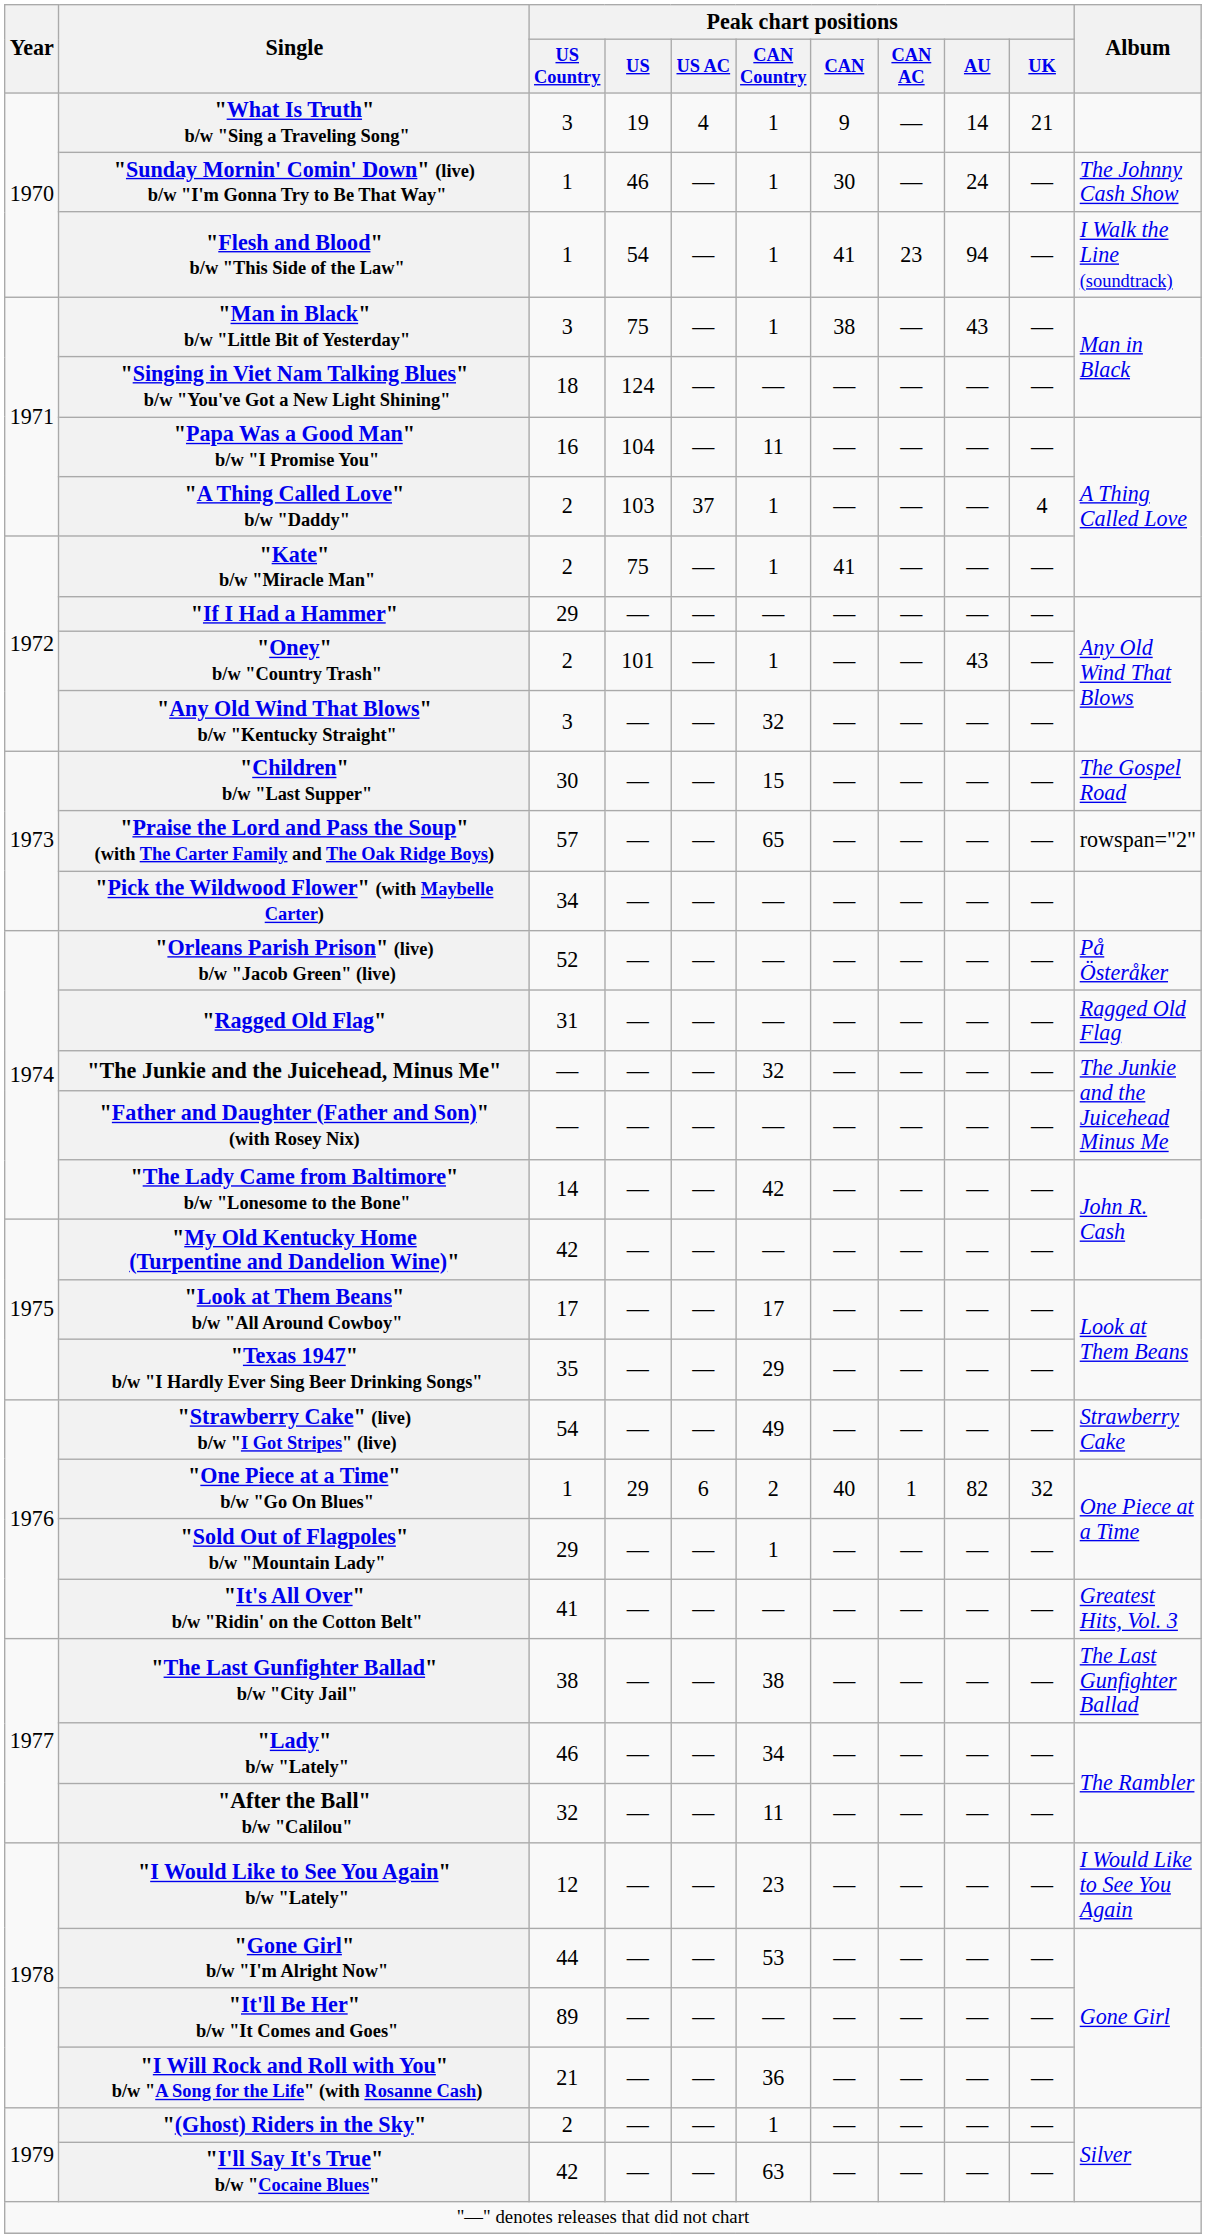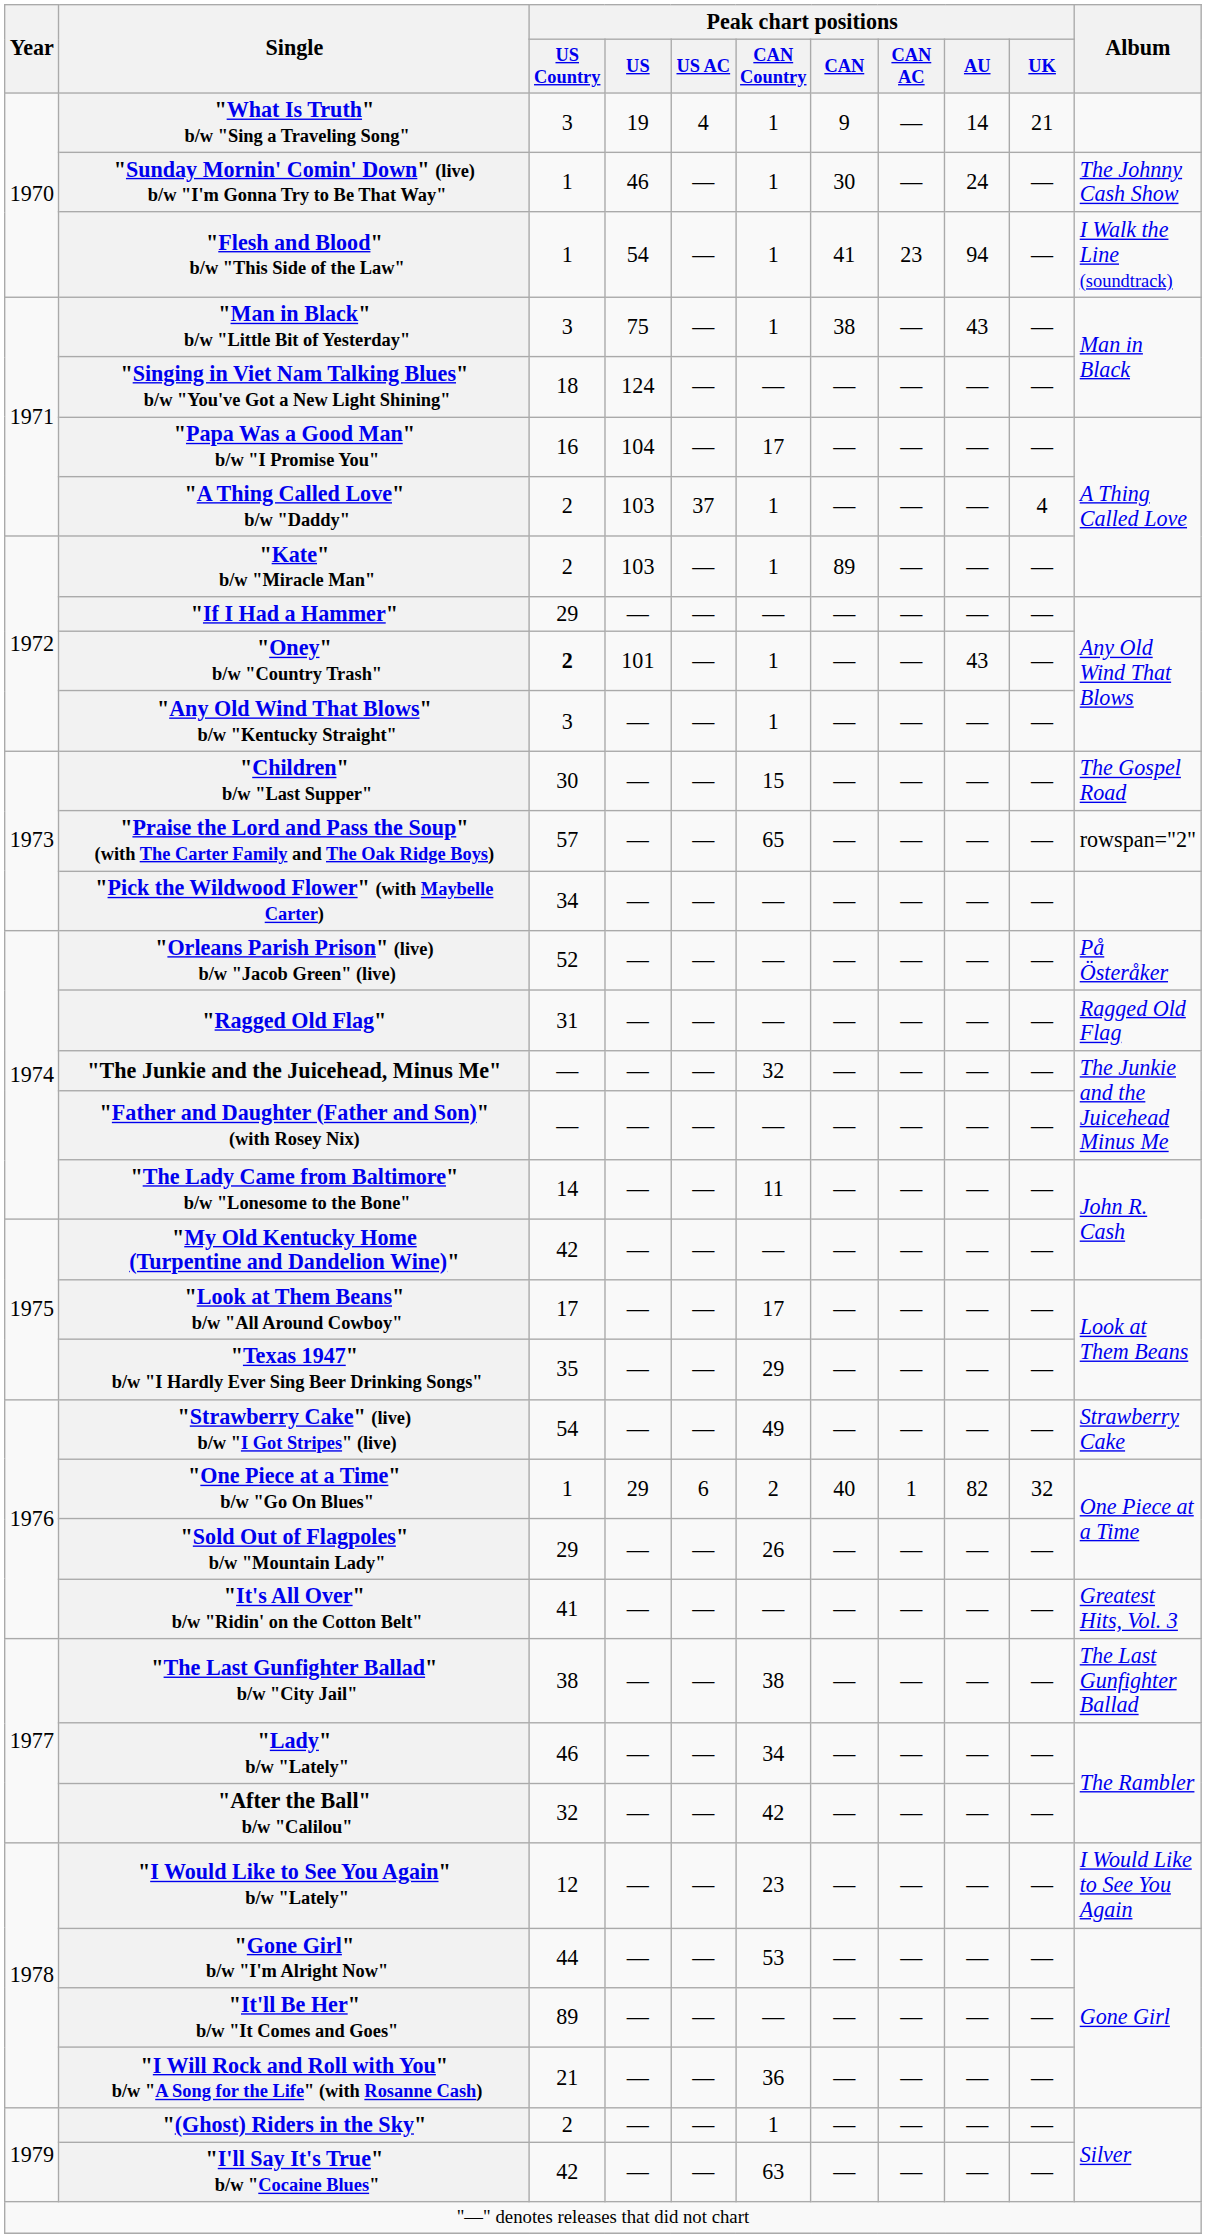 <table class="wikitable plainrowheaders" style="text-align:center;">
 <tr>
 <th rowspan="2">Year</th>
 <th rowspan="2" style="width:24em;">Single</th>
 <th colspan="8">Peak chart positions</th>
 <th rowspan="2">Album</th>
 </tr>
 <tr style="font-size:smaller;">
 <th width="45"><a href='#'>US Country</a><br></th>
 <th width="45"><a href='#'>US</a><br></th>
 <th width="45"><a href='#'>US AC</a></th>
 <th width="45"><a href='#'>CAN Country</a></th>
 <th width="45"><a href='#'>CAN</a></th>
 <th width="45"><a href='#'>CAN AC</a></th>
 <th width="45"><a href='#'>AU</a></th>
 <th width="45"><a href='#'>UK</a></th>
 </tr>
 <tr>
 <td rowspan="3">1970</td>
 <th scope="row">"<a href='#'>What Is Truth</a>"<br> <small>b/w "Sing a Traveling Song"</small></th>
 <td>3</td>
 <td>19</td>
 <td>4</td>
 <td>1</td>
 <td>9</td>
 <td>—</td>
 <td>14</td>
 <td>21</td>
 <td></td>
 </tr>
 <tr>
 <th scope="row">"<a href='#'>Sunday Mornin' Comin' Down</a>" <small>(live)</small><br> <small>b/w "I'm Gonna Try to Be That Way"</small></th>
 <td>1</td>
 <td>46</td>
 <td>—</td>
 <td>1</td>
 <td>30</td>
 <td>—</td>
 <td>24</td>
 <td>—</td>
 <td align="left"><em><a href='#'>The Johnny Cash Show</a></em></td>
 </tr>
 <tr>
 <th scope="row">"<a href='#'>Flesh and Blood</a>"<br> <small>b/w "This Side of the Law"</small></th>
 <td>1</td>
 <td>54</td>
 <td>—</td>
 <td>1</td>
 <td>41</td>
 <td>23</td>
 <td>94</td>
 <td>—</td>
 <td align="left"><a href='#'><em>I Walk the Line</em> <small>(soundtrack)</small></a></td>
 </tr>
 <tr>
 <td rowspan="4">1971</td>
 <th scope="row">"<a href='#'>Man in Black</a>"<br> <small>b/w "Little Bit of Yesterday"</small></th>
 <td>3</td>
 <td>75</td>
 <td>—</td>
 <td>1</td>
 <td>38</td>
 <td>—</td>
 <td>43</td>
 <td>—</td>
 <td align="left" rowspan="2"><em><a href='#'>Man in Black</a></em></td>
 </tr>
 <tr>
 <th scope="row">"<a href='#'>Singing in Viet Nam Talking Blues</a>"<br> <small>b/w "You've Got a New Light Shining"</small></th>
 <td>18</td>
 <td>124</td>
 <td>—</td>
 <td>—</td>
 <td>—</td>
 <td>—</td>
 <td>—</td>
 <td>—</td>
 </tr>
 <tr>
 <th scope="row">"<a href='#'>Papa Was a Good Man</a>"<br> <small>b/w "I Promise You"</small></th>
 <td>16</td>
 <td>104</td>
 <td>—</td>
-<td>11</td>
+<td>17</td>
 <td>—</td>
 <td>—</td>
 <td>—</td>
 <td>—</td>
 <td align="left" rowspan="3"><em><a href='#'>A Thing Called Love</a></em></td>
 </tr>
 <tr>
 <th scope="row">"<a href='#'>A Thing Called Love</a>"<br> <small>b/w "Daddy"</small></th>
 <td>2</td>
 <td>103</td>
 <td>37</td>
 <td>1</td>
 <td>—</td>
 <td>—</td>
 <td>—</td>
 <td>4</td>
 </tr>
 <tr>
 <td rowspan="4">1972</td>
 <th scope="row">"<a href='#'>Kate</a>"<br> <small>b/w "Miracle Man"</small></th>
 <td>2</td>
-<td>75</td>
+<td>103</td>
 <td>—</td>
 <td>1</td>
-<td>41</td>
+<td>89</td>
 <td>—</td>
 <td>—</td>
 <td>—</td>
 </tr>
 <tr>
 <th scope="row">"<a href='#'>If I Had a Hammer</a>"</th>
 <td>29</td>
 <td>—</td>
 <td>—</td>
 <td>—</td>
 <td>—</td>
 <td>—</td>
 <td>—</td>
 <td>—</td>
 <td align="left" rowspan="3"><em><a href='#'>Any Old Wind That Blows</a></em></td>
 </tr>
 <tr>
 <th scope="row">"<a href='#'>Oney</a>"<br> <small>b/w "Country Trash"</small></th>
-<td>2</td>
+<td><strong>2</strong></td>
 <td>101</td>
 <td>—</td>
 <td>1</td>
 <td>—</td>
 <td>—</td>
 <td>43</td>
 <td>—</td>
 </tr>
 <tr>
 <th scope="row">"<a href='#'>Any Old Wind That Blows</a>"<br> <small>b/w "Kentucky Straight"</small></th>
 <td>3</td>
 <td>—</td>
 <td>—</td>
-<td>32</td>
+<td>1</td>
 <td>—</td>
 <td>—</td>
 <td>—</td>
 <td>—</td>
 </tr>
 <tr>
 <td rowspan="3">1973</td>
 <th scope="row">"<a href='#'>Children</a>"<br> <small>b/w "Last Supper"</small></th>
 <td>30</td>
 <td>—</td>
 <td>—</td>
 <td>15</td>
 <td>—</td>
 <td>—</td>
 <td>—</td>
 <td>—</td>
 <td align="left"><em><a href='#'>The Gospel Road</a></em></td>
 </tr>
 <tr>
 <th scope="row">"<a href='#'>Praise the Lord and Pass the Soup</a>"<br><small>(with <a href='#'>The Carter Family</a> and <a href='#'>The Oak Ridge Boys</a>)</small></th>
 <td>57</td>
 <td>—</td>
 <td>—</td>
 <td>65</td>
 <td>—</td>
 <td>—</td>
 <td>—</td>
 <td>—</td>
 <td>rowspan="2" </td>
 </tr>
 <tr>
 <th scope="row">"<a href='#'>Pick the Wildwood Flower</a>" <small>(with <a href='#'>Maybelle Carter</a>)</small></th>
 <td>34</td>
 <td>—</td>
 <td>—</td>
 <td>—</td>
 <td>—</td>
 <td>—</td>
 <td>—</td>
 <td>—</td>
 </tr>
 <tr>
 <td rowspan="5">1974</td>
 <th scope="row">"<a href='#'>Orleans Parish Prison</a>" <small>(live)</small><br> <small>b/w "Jacob Green" (live)</small></th>
 <td>52</td>
 <td>—</td>
 <td>—</td>
 <td>—</td>
 <td>—</td>
 <td>—</td>
 <td>—</td>
 <td>—</td>
 <td align="left"><em><a href='#'>På Österåker</a></em></td>
 </tr>
 <tr>
 <th scope="row">"<a href='#'>Ragged Old Flag</a>"</th>
 <td>31</td>
 <td>—</td>
 <td>—</td>
 <td>—</td>
 <td>—</td>
 <td>—</td>
 <td>—</td>
 <td>—</td>
 <td align="left"><em><a href='#'>Ragged Old Flag</a></em></td>
 </tr>
 <tr>
 <th scope="row">"The Junkie and the Juicehead, Minus Me"</th>
 <td>—</td>
 <td>—</td>
 <td>—</td>
 <td>32</td>
 <td>—</td>
 <td>—</td>
 <td>—</td>
 <td>—</td>
 <td align="left" rowspan="2"><em><a href='#'>The Junkie and the Juicehead Minus Me</a></em></td>
 </tr>
 <tr>
 <th scope="row">"<a href='#'>Father and Daughter (Father and Son)</a>"<br><small>(with Rosey Nix)</small></th>
 <td>—</td>
 <td>—</td>
 <td>—</td>
 <td>—</td>
 <td>—</td>
 <td>—</td>
 <td>—</td>
 <td>—</td>
 </tr>
 <tr>
 <th scope="row">"<a href='#'>The Lady Came from Baltimore</a>"<br> <small>b/w "Lonesome to the Bone"</small></th>
 <td>14</td>
 <td>—</td>
 <td>—</td>
-<td>42</td>
+<td>11</td>
 <td>—</td>
 <td>—</td>
 <td>—</td>
 <td>—</td>
 <td align="left" rowspan="2"><em><a href='#'>John R. Cash</a></em></td>
 </tr>
 <tr>
 <td rowspan="3">1975</td>
 <th scope="row">"<a href='#'>My Old Kentucky Home<br>(Turpentine and Dandelion Wine)</a>"</th>
 <td>42</td>
 <td>—</td>
 <td>—</td>
 <td>—</td>
 <td>—</td>
 <td>—</td>
 <td>—</td>
 <td>—</td>
 </tr>
 <tr>
 <th scope="row">"<a href='#'>Look at Them Beans</a>"<br> <small>b/w "All Around Cowboy"</small></th>
 <td>17</td>
 <td>—</td>
 <td>—</td>
 <td>17</td>
 <td>—</td>
 <td>—</td>
 <td>—</td>
 <td>—</td>
 <td align="left" rowspan="2"><em><a href='#'>Look at Them Beans</a></em></td>
 </tr>
 <tr>
 <th scope="row">"<a href='#'>Texas 1947</a>"<br> <small>b/w "I Hardly Ever Sing Beer Drinking Songs"</small></th>
 <td>35</td>
 <td>—</td>
 <td>—</td>
 <td>29</td>
 <td>—</td>
 <td>—</td>
 <td>—</td>
 <td>—</td>
 </tr>
 <tr>
 <td rowspan="4">1976</td>
 <th scope="row">"<a href='#'>Strawberry Cake</a>" <small>(live)</small><br> <small>b/w "<a href='#'>I Got Stripes</a>" (live)</small></th>
 <td>54</td>
 <td>—</td>
 <td>—</td>
 <td>49</td>
 <td>—</td>
 <td>—</td>
 <td>—</td>
 <td>—</td>
 <td align="left"><em><a href='#'>Strawberry Cake</a></em></td>
 </tr>
 <tr>
 <th scope="row">"<a href='#'>One Piece at a Time</a>"<br> <small>b/w "Go On Blues"</small></th>
 <td>1</td>
 <td>29</td>
 <td>6</td>
 <td>2</td>
 <td>40</td>
 <td>1</td>
 <td>82</td>
 <td>32</td>
 <td align="left" rowspan="2"><em><a href='#'>One Piece at a Time</a></em></td>
 </tr>
 <tr>
 <th scope="row">"<a href='#'>Sold Out of Flagpoles</a>"<br> <small>b/w "Mountain Lady"</small></th>
 <td>29</td>
 <td>—</td>
 <td>—</td>
-<td>1</td>
+<td>26</td>
 <td>—</td>
 <td>—</td>
 <td>—</td>
 <td>—</td>
 </tr>
 <tr>
 <th scope="row">"<a href='#'>It's All Over</a>"<br> <small>b/w "Ridin' on the Cotton Belt"</small></th>
 <td>41</td>
 <td>—</td>
 <td>—</td>
 <td>—</td>
 <td>—</td>
 <td>—</td>
 <td>—</td>
 <td>—</td>
 <td align="left"><em><a href='#'>Greatest Hits, Vol. 3</a></em></td>
 </tr>
 <tr>
 <td rowspan="3">1977</td>
 <th scope="row">"<a href='#'>The Last Gunfighter Ballad</a>"<br> <small>b/w "City Jail"</small></th>
 <td>38</td>
 <td>—</td>
 <td>—</td>
 <td>38</td>
 <td>—</td>
 <td>—</td>
 <td>—</td>
 <td>—</td>
 <td align="left"><em><a href='#'>The Last Gunfighter Ballad</a></em></td>
 </tr>
 <tr>
 <th scope="row">"<a href='#'>Lady</a>"<br> <small>b/w "Lately"</small></th>
 <td>46</td>
 <td>—</td>
 <td>—</td>
 <td>34</td>
 <td>—</td>
 <td>—</td>
 <td>—</td>
 <td>—</td>
 <td align="left" rowspan="2"><em><a href='#'>The Rambler</a></em></td>
 </tr>
 <tr>
 <th scope="row">"After the Ball"<br> <small>b/w "Calilou"</small></th>
 <td>32</td>
 <td>—</td>
 <td>—</td>
-<td>11</td>
+<td>42</td>
 <td>—</td>
 <td>—</td>
 <td>—</td>
 <td>—</td>
 </tr>
 <tr>
 <td rowspan="4">1978</td>
 <th scope="row">"<a href='#'>I Would Like to See You Again</a>"<br> <small>b/w "Lately"</small></th>
 <td>12</td>
 <td>—</td>
 <td>—</td>
 <td>23</td>
 <td>—</td>
 <td>—</td>
 <td>—</td>
 <td>—</td>
 <td align="left"><em><a href='#'>I Would Like to See You Again</a></em></td>
 </tr>
 <tr>
 <th scope="row">"<a href='#'>Gone Girl</a>"<br> <small>b/w "I'm Alright Now"</small></th>
 <td>44</td>
 <td>—</td>
 <td>—</td>
 <td>53</td>
 <td>—</td>
 <td>—</td>
 <td>—</td>
 <td>—</td>
 <td align="left" rowspan="3"><em><a href='#'>Gone Girl</a></em></td>
 </tr>
 <tr>
 <th scope="row">"<a href='#'>It'll Be Her</a>"<br> <small>b/w "It Comes and Goes"</small></th>
 <td>89</td>
 <td>—</td>
 <td>—</td>
 <td>—</td>
 <td>—</td>
 <td>—</td>
 <td>—</td>
 <td>—</td>
 </tr>
 <tr>
 <th scope="row">"<a href='#'>I Will Rock and Roll with You</a>"<br> <small>b/w "<a href='#'>A Song for the Life</a>" (with <a href='#'>Rosanne Cash</a>)</small></th>
 <td>21</td>
 <td>—</td>
 <td>—</td>
 <td>36</td>
 <td>—</td>
 <td>—</td>
 <td>—</td>
 <td>—</td>
 </tr>
 <tr>
 <td rowspan="2">1979</td>
 <th scope="row">"<a href='#'>(Ghost) Riders in the Sky</a>"</th>
 <td>2</td>
 <td>—</td>
 <td>—</td>
 <td>1</td>
 <td>—</td>
 <td>—</td>
 <td>—</td>
 <td>—</td>
 <td align="left" rowspan="2"><em><a href='#'>Silver</a></em></td>
 </tr>
 <tr>
 <th scope="row">"<a href='#'>I'll Say It's True</a>"<br> <small>b/w "<a href='#'>Cocaine Blues</a>"</small></th>
 <td>42</td>
 <td>—</td>
 <td>—</td>
 <td>63</td>
 <td>—</td>
 <td>—</td>
 <td>—</td>
 <td>—</td>
 </tr>
 <tr>
 <td colspan="11" style="font-size:85%">"—" denotes releases that did not chart</td>
 </tr>
 <tr>
 </tr>
 </table>
